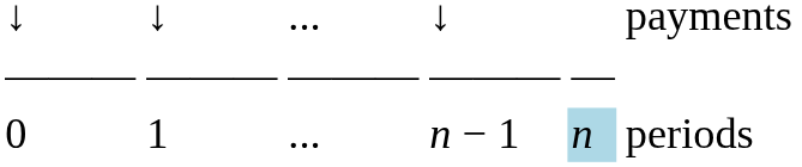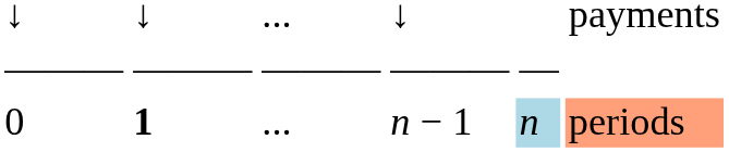 <table style="margin:1em auto;">
 <tr>
 <td>↓</td>
 <td>↓</td>
 <td>...</td>
 <td>↓</td>
 <td></td>
 <td>payments</td>
 </tr>
 <tr>
 <td>———</td>
 <td>———</td>
 <td>———</td>
 <td>———</td>
 <td>—</td>
 </tr>
 <tr>
 <td>0</td>
-<td>1</td>
+<td><strong>1</strong></td>
 <td>...</td>
 <td><em>n</em> − 1</td>
 <td style="background: lightblue;"><em>n</em></td>
-<td>periods</td>
+<td style="background: lightsalmon;">periods</td>
 </tr>
 </table>
